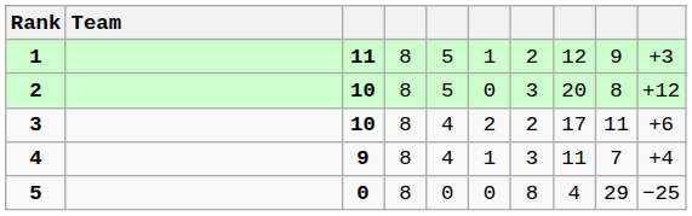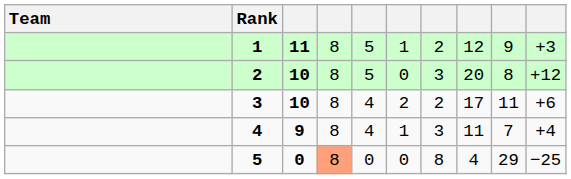 <table class="wikitable" style="text-align: center;">
 <tr>
+<th width=165 style="text-align:left;">Team</th>
 <th width=30>Rank</th>
-<th width=165 style="text-align:left;">Team</th>
 <th width=20></th>
 <th width=20></th>
 <th width=20></th>
 <th width=20></th>
 <th width=20></th>
 <th width=20></th>
 <th width=20></th>
 <th width=20></th>
 </tr>
 <tr style="background:#ccffcc;">
+<td style="text-align:left;"></td>
 <td><strong>1</strong></td>
-<td style="text-align:left;"></td>
 <td><strong>11</strong></td>
 <td>8</td>
 <td>5</td>
 <td>1</td>
 <td>2</td>
 <td>12</td>
 <td>9</td>
 <td>+3</td>
 </tr>
 <tr style="background:#ccffcc;">
+<td style="text-align:left;"></td>
 <td><strong>2</strong></td>
-<td style="text-align:left;"></td>
 <td><strong>10</strong></td>
 <td>8</td>
 <td>5</td>
 <td>0</td>
 <td>3</td>
 <td>20</td>
 <td>8</td>
 <td>+12</td>
 </tr>
 <tr>
+<td style="text-align:left;"></td>
 <td><strong>3</strong></td>
-<td style="text-align:left;"></td>
 <td><strong>10</strong></td>
 <td>8</td>
 <td>4</td>
 <td>2</td>
 <td>2</td>
 <td>17</td>
 <td>11</td>
 <td>+6</td>
 </tr>
 <tr>
+<td style="text-align:left;"></td>
 <td><strong>4</strong></td>
-<td style="text-align:left;"></td>
 <td><strong>9</strong></td>
 <td>8</td>
 <td>4</td>
 <td>1</td>
 <td>3</td>
 <td>11</td>
 <td>7</td>
 <td>+4</td>
 </tr>
 <tr>
+<td style="text-align:left;"></td>
 <td><strong>5</strong></td>
-<td style="text-align:left;"></td>
 <td><strong>0</strong></td>
-<td>8</td>
+<td style="background: lightsalmon;">8</td>
 <td>0</td>
 <td>0</td>
 <td>8</td>
 <td>4</td>
 <td>29</td>
 <td>−25</td>
 </tr>
 </table>
